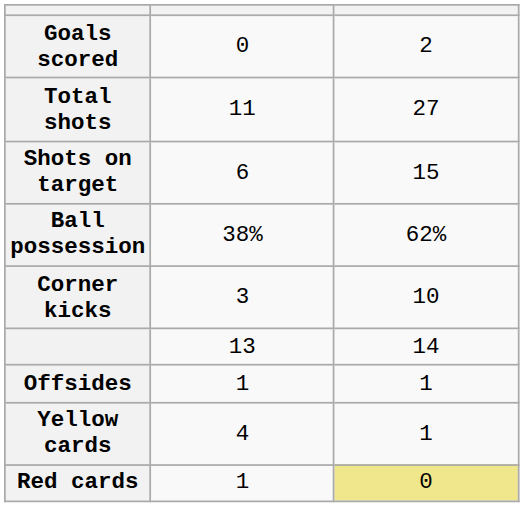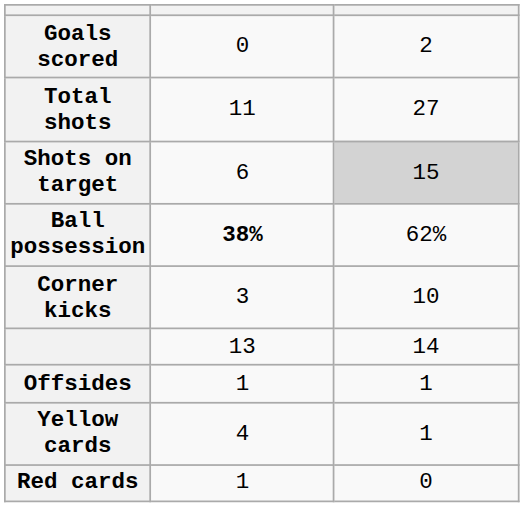 <table class="wikitable" style="text-align:center">
 <tr>
 <th scope="col" style="width:70px"></th>
 <th scope="col" style="width:100px"></th>
 <th scope="col" style="width:100px"></th>
 </tr>
 <tr>
 <th scope=row>Goals scored</th>
 <td>0</td>
 <td>2</td>
 </tr>
 <tr>
 <th scope=row>Total shots</th>
 <td>11</td>
 <td>27</td>
 </tr>
 <tr>
 <th scope=row>Shots on target</th>
 <td>6</td>
-<td>15</td>
+<td style="background: lightgrey;">15</td>
 </tr>
 <tr>
 <th scope=row>Ball possession</th>
-<td>38%</td>
+<td><strong>38%</strong></td>
 <td>62%</td>
 </tr>
 <tr>
 <th scope=row>Corner kicks</th>
 <td>3</td>
 <td>10</td>
 </tr>
 <tr>
 <th scope=row></th>
 <td>13</td>
 <td>14</td>
 </tr>
 <tr>
 <th scope=row>Offsides</th>
 <td>1</td>
 <td>1</td>
 </tr>
 <tr>
 <th scope=row>Yellow cards</th>
 <td>4</td>
 <td>1</td>
 </tr>
 <tr>
 <th scope=row>Red cards</th>
 <td>1</td>
-<td style="background: khaki;">0</td>
+<td>0</td>
 </tr>
 </table>
